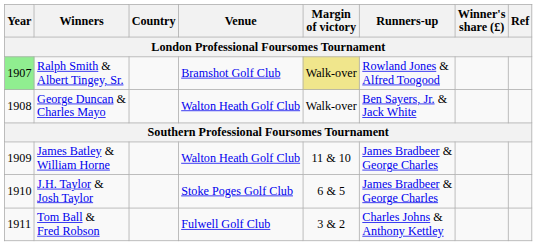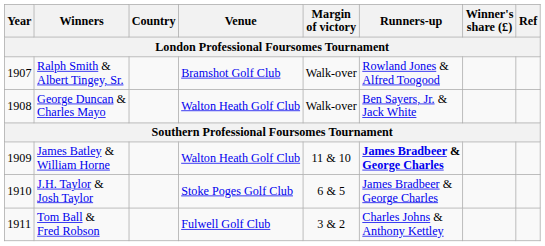 <table class="wikitable">
 <tr>
 <th>Year</th>
 <th>Winners</th>
 <th>Country</th>
 <th>Venue</th>
 <th>Margin<br>of victory</th>
 <th>Runners-up</th>
 <th>Winner's<br>share (£)</th>
 <th>Ref</th>
 </tr>
 <tr>
 <th colspan=8>London Professional Foursomes Tournament</th>
 </tr>
 <tr>
-<td style="background: lightgreen;">1907</td>
+<td>1907</td>
 <td><a href='#'>Ralph Smith</a> &<br><a href='#'>Albert Tingey, Sr.</a></td>
 <td><br></td>
 <td><a href='#'>Bramshot Golf Club</a></td>
-<td align=center style="background: khaki;">Walk-over</td>
+<td align=center>Walk-over</td>
 <td> <a href='#'>Rowland Jones</a> & <br> <a href='#'>Alfred Toogood</a></td>
 <td align=center></td>
 <td></td>
 </tr>
 <tr>
 <td>1908</td>
 <td><a href='#'>George Duncan</a> &<br><a href='#'>Charles Mayo</a></td>
 <td><br></td>
 <td><a href='#'>Walton Heath Golf Club</a></td>
 <td align=center>Walk-over</td>
 <td> <a href='#'>Ben Sayers, Jr.</a> & <br> <a href='#'>Jack White</a></td>
 <td align=center></td>
 <td></td>
 </tr>
 <tr>
 <th colspan=8>Southern Professional Foursomes Tournament</th>
 </tr>
 <tr>
 <td>1909</td>
 <td><a href='#'>James Batley</a> &<br><a href='#'>William Horne</a></td>
 <td><br></td>
 <td><a href='#'>Walton Heath Golf Club</a></td>
 <td align=center>11 & 10</td>
-<td> <a href='#'>James Bradbeer</a> & <br> <a href='#'>George Charles</a></td>
+<td><strong> <a href='#'>James Bradbeer</a> & <br> <a href='#'>George Charles</a></strong></td>
 <td align=center></td>
 <td></td>
 </tr>
 <tr>
 <td>1910</td>
 <td><a href='#'>J.H. Taylor</a> &<br><a href='#'>Josh Taylor</a></td>
 <td><br></td>
 <td><a href='#'>Stoke Poges Golf Club</a></td>
 <td align=center>6 & 5</td>
 <td> <a href='#'>James Bradbeer</a> & <br> <a href='#'>George Charles</a></td>
 <td align=center></td>
 <td></td>
 </tr>
 <tr>
 <td>1911</td>
 <td><a href='#'>Tom Ball</a> &<br><a href='#'>Fred Robson</a></td>
 <td><br></td>
 <td><a href='#'>Fulwell Golf Club</a></td>
 <td align=center>3 & 2</td>
 <td> <a href='#'>Charles Johns</a> & <br> <a href='#'>Anthony Kettley</a></td>
 <td align=center></td>
 <td></td>
 </tr>
 </table>
